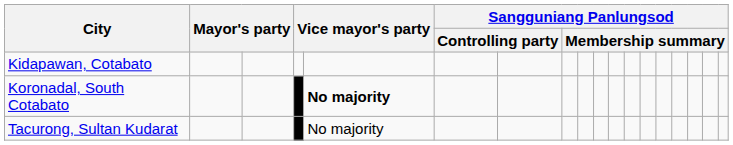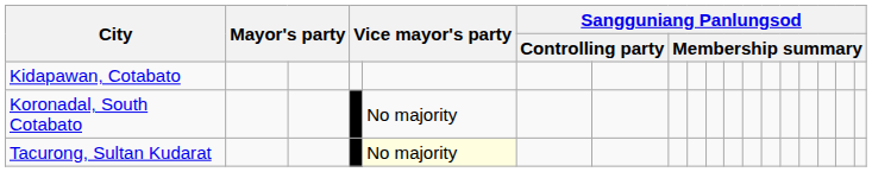 <table class="wikitable" style="font-size:95%;">
 <tr>
 <th width="180px" rowspan="2">City</th>
 <th colspan="2" rowspan="2">Mayor's party</th>
 <th colspan="2" rowspan="2">Vice mayor's party</th>
 <th colspan="15"><a href='#'>Sangguniang Panlungsod</a></th>
 </tr>
 <tr>
 <th colspan="2">Controlling party</th>
 <th colspan="13">Membership summary</th>
 </tr>
 <tr>
 <td><a href='#'>Kidapawan, Cotabato</a></td>
 <td></td>
 <td></td>
 <td></td>
 <td> </td>
 <td> </td>
 <td> </td>
 <td> </td>
 <td> </td>
 <td> </td>
 <td> </td>
 <td> </td>
 <td> </td>
 <td> </td>
 <td> </td>
 <td> </td>
 <td> </td>
 </tr>
 <tr>
 <td><a href='#'>Koronadal, South Cotabato</a></td>
 <td></td>
 <td></td>
 <td bgcolor="black"></td>
-<td><strong>No majority</strong></td>
+<td>No majority</td>
 <td style="color:inherit;background:"></td>
 <td style="color:inherit;background:"></td>
 <td style="color:inherit;background:"></td>
 <td style="color:inherit;background:"></td>
 <td style="color:inherit;background:"></td>
 <td style="color:inherit;background:"></td>
 <td style="color:inherit;background:"></td>
 <td style="color:inherit;background:"></td>
 <td style="color:inherit;background:"></td>
 <td style="color:inherit;background:"></td>
 <td style="color:inherit;background:"></td>
 <td style="color:inherit;background:"></td>
 <td></td>
 </tr>
 <tr>
 <td><a href='#'>Tacurong, Sultan Kudarat</a></td>
 <td></td>
 <td></td>
 <td bgcolor="black"></td>
-<td>No majority</td>
+<td style="background: lightyellow;">No majority</td>
 <td style="color:inherit;background:"></td>
 <td style="color:inherit;background:"></td>
 <td style="color:inherit;background:"></td>
 <td style="color:inherit;background:"></td>
 <td style="color:inherit;background:"></td>
 <td style="color:inherit;background:"></td>
 <td style="color:inherit;background:"></td>
 <td style="color:inherit;background:"></td>
 <td style="color:inherit;background:"></td>
 <td style="color:inherit;background:"></td>
 <td style="color:inherit;background:"></td>
 <td style="color:inherit;background:"></td>
 <td></td>
 </tr>
 </table>
